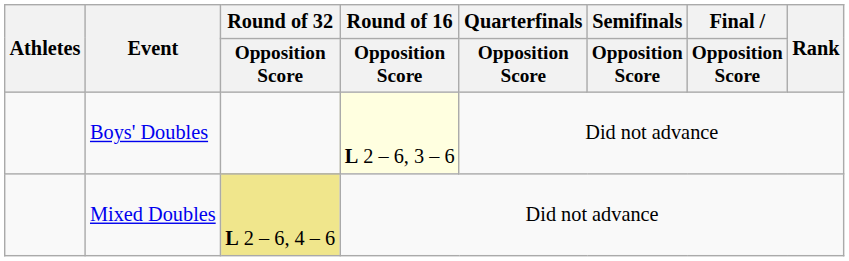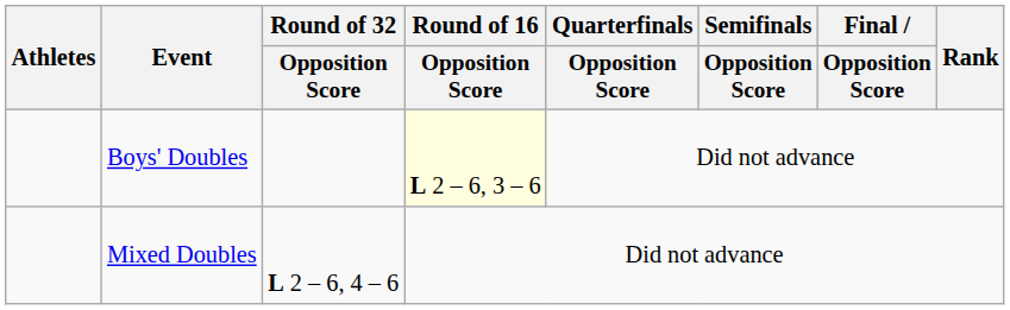 <table class=wikitable style="font-size:90%">
 <tr>
 <th rowspan="2">Athletes</th>
 <th rowspan="2">Event</th>
 <th>Round of 32</th>
 <th>Round of 16</th>
 <th>Quarterfinals</th>
 <th>Semifinals</th>
 <th>Final / </th>
 <th rowspan=2>Rank</th>
 </tr>
 <tr style="font-size:95%">
 <th>Opposition<br>Score</th>
 <th>Opposition<br>Score</th>
 <th>Opposition<br>Score</th>
 <th>Opposition<br>Score</th>
 <th>Opposition<br>Score</th>
 </tr>
 <tr align=center>
 <td align=left><br></td>
 <td align=left><a href='#'>Boys' Doubles</a></td>
 <td></td>
 <td style="background: lightyellow;"><br> <br><strong>L</strong> 2 – 6, 3 – 6</td>
 <td colspan=4>Did not advance</td>
 </tr>
 <tr align=center>
 <td align=left><br></td>
 <td align=left><a href='#'>Mixed Doubles</a></td>
-<td style="background: khaki;"><br> <br><strong>L</strong> 2 – 6, 4 – 6</td>
+<td><br> <br><strong>L</strong> 2 – 6, 4 – 6</td>
 <td colspan=5>Did not advance</td>
 </tr>
 </table>
